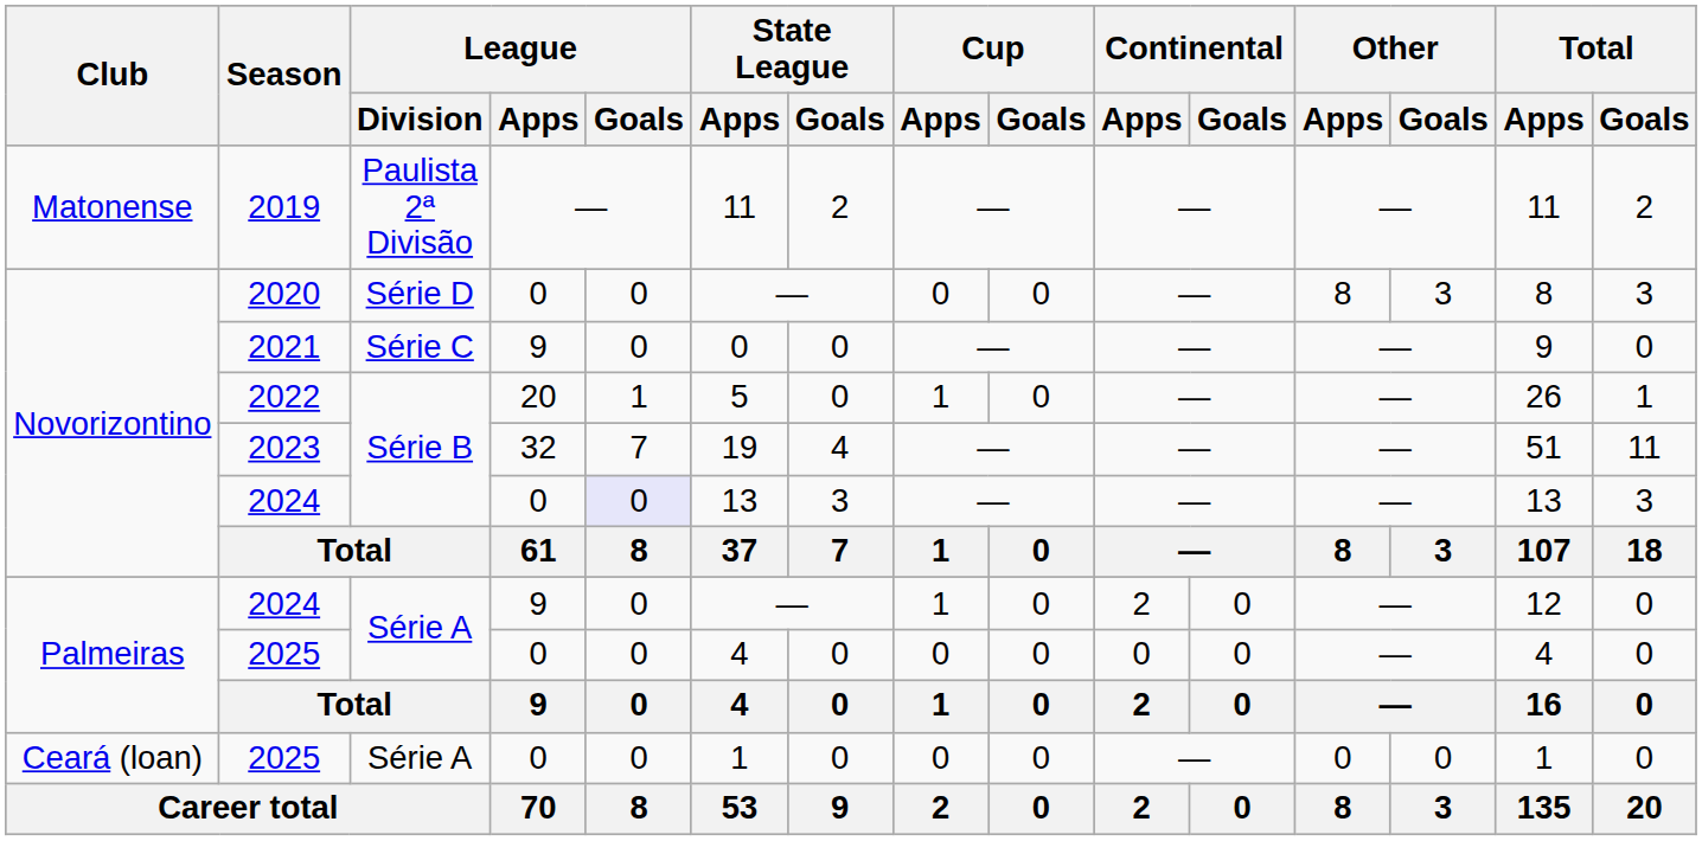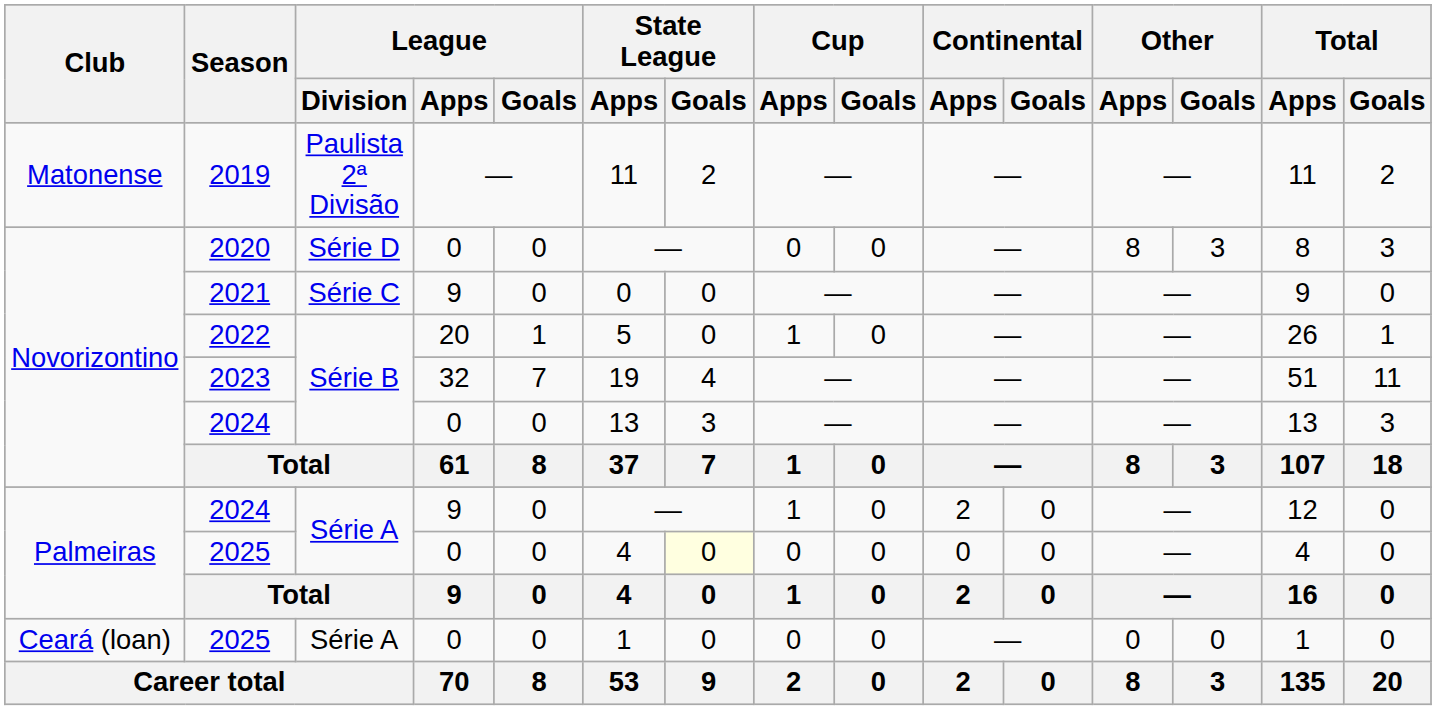 <table class="wikitable" style="text-align: center">
 <tr>
 <th rowspan="2">Club</th>
 <th rowspan="2">Season</th>
 <th colspan="3">League</th>
 <th colspan="2">State League</th>
 <th colspan="2">Cup</th>
 <th colspan="2">Continental</th>
 <th colspan="2">Other</th>
 <th colspan="2">Total</th>
 </tr>
 <tr>
 <th>Division</th>
 <th>Apps</th>
 <th>Goals</th>
 <th>Apps</th>
 <th>Goals</th>
 <th>Apps</th>
 <th>Goals</th>
 <th>Apps</th>
 <th>Goals</th>
 <th>Apps</th>
 <th>Goals</th>
 <th>Apps</th>
 <th>Goals</th>
 </tr>
 <tr>
 <td><a href='#'>Matonense</a></td>
 <td><a href='#'>2019</a></td>
 <td><a href='#'>Paulista 2ª Divisão</a></td>
 <td colspan="2">—</td>
 <td>11</td>
 <td>2</td>
 <td colspan="2">—</td>
 <td colspan="2">—</td>
 <td colspan="2">—</td>
 <td>11</td>
 <td>2</td>
 </tr>
 <tr>
 <td rowspan="6"><a href='#'>Novorizontino</a></td>
 <td><a href='#'>2020</a></td>
 <td><a href='#'>Série D</a></td>
 <td>0</td>
 <td>0</td>
 <td colspan="2">—</td>
 <td>0</td>
 <td>0</td>
 <td colspan="2">—</td>
 <td>8</td>
 <td>3</td>
 <td>8</td>
 <td>3</td>
 </tr>
 <tr>
 <td><a href='#'>2021</a></td>
 <td><a href='#'>Série C</a></td>
 <td>9</td>
 <td>0</td>
 <td>0</td>
 <td>0</td>
 <td colspan="2">—</td>
 <td colspan="2">—</td>
 <td colspan="2">—</td>
 <td>9</td>
 <td>0</td>
 </tr>
 <tr>
 <td><a href='#'>2022</a></td>
 <td rowspan="3"><a href='#'>Série B</a></td>
 <td>20</td>
 <td>1</td>
 <td>5</td>
 <td>0</td>
 <td>1</td>
 <td>0</td>
 <td colspan="2">—</td>
 <td colspan="2">—</td>
 <td>26</td>
 <td>1</td>
 </tr>
 <tr>
 <td><a href='#'>2023</a></td>
 <td>32</td>
 <td>7</td>
 <td>19</td>
 <td>4</td>
 <td colspan="2">—</td>
 <td colspan="2">—</td>
 <td colspan="2">—</td>
 <td>51</td>
 <td>11</td>
 </tr>
 <tr>
 <td><a href='#'>2024</a></td>
 <td>0</td>
-<td style="background: lavender;">0</td>
+<td>0</td>
 <td>13</td>
 <td>3</td>
 <td colspan="2">—</td>
 <td colspan="2">—</td>
 <td colspan="2">—</td>
 <td>13</td>
 <td>3</td>
 </tr>
 <tr>
 <th colspan="2">Total</th>
 <th>61</th>
 <th>8</th>
 <th>37</th>
 <th>7</th>
 <th>1</th>
 <th>0</th>
 <th colspan="2">—</th>
 <th>8</th>
 <th>3</th>
 <th>107</th>
 <th>18</th>
 </tr>
 <tr>
 <td rowspan="3"><a href='#'>Palmeiras</a></td>
 <td><a href='#'>2024</a></td>
 <td rowspan="2"><a href='#'>Série A</a></td>
 <td>9</td>
 <td>0</td>
 <td colspan="2">—</td>
 <td>1</td>
 <td>0</td>
 <td>2</td>
 <td>0</td>
 <td colspan="2">—</td>
 <td>12</td>
 <td>0</td>
 </tr>
 <tr>
 <td><a href='#'>2025</a></td>
 <td>0</td>
 <td>0</td>
 <td>4</td>
-<td>0</td>
+<td style="background: lightyellow;">0</td>
 <td>0</td>
 <td>0</td>
 <td>0</td>
 <td>0</td>
 <td colspan="2">—</td>
 <td>4</td>
 <td>0</td>
 </tr>
 <tr>
 <th colspan="2">Total</th>
 <th>9</th>
 <th>0</th>
 <th>4</th>
 <th>0</th>
 <th>1</th>
 <th>0</th>
 <th>2</th>
 <th>0</th>
 <th colspan="2">—</th>
 <th>16</th>
 <th>0</th>
 </tr>
 <tr>
 <td><a href='#'>Ceará</a> (loan)</td>
 <td><a href='#'>2025</a></td>
 <td>Série A</td>
 <td>0</td>
 <td>0</td>
 <td>1</td>
 <td>0</td>
 <td>0</td>
 <td>0</td>
 <td colspan="2">—</td>
 <td>0</td>
 <td>0</td>
 <td>1</td>
 <td>0</td>
 </tr>
 <tr>
 <th colspan="3"><strong>Career total</strong></th>
 <th>70</th>
 <th>8</th>
 <th>53</th>
 <th>9</th>
 <th>2</th>
 <th>0</th>
 <th>2</th>
 <th>0</th>
 <th>8</th>
 <th>3</th>
 <th>135</th>
 <th>20</th>
 </tr>
 </table>
